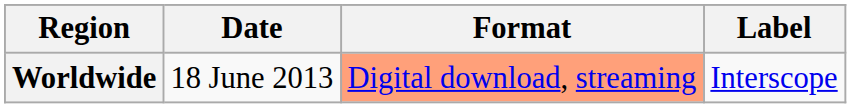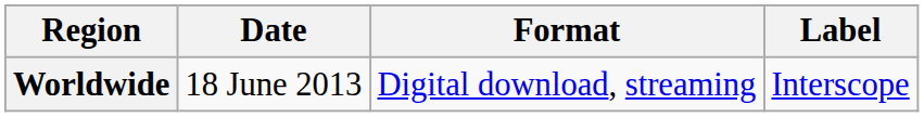 <table class="wikitable plainrowheaders">
 <tr>
 <th scope="col">Region</th>
 <th scope="col">Date</th>
 <th scope="col">Format</th>
 <th scope="col">Label</th>
 </tr>
 <tr>
 <th scope="row">Worldwide</th>
 <td rowspan="2">18 June 2013</td>
-<td style="background: lightsalmon;"><a href='#'>Digital download</a>, <a href='#'>streaming</a></td>
+<td><a href='#'>Digital download</a>, <a href='#'>streaming</a></td>
 <td rowspan="2"><a href='#'>Interscope</a></td>
 </tr>
 </table>
